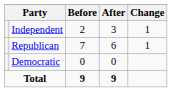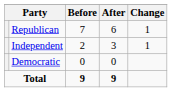 <table class="wikitable" style="text-align:center;">
 <tr>
 </tr>
 <tr>
 <th colspan=2>Party</th>
 <th>Before</th>
 <th>After</th>
 <th>Change</th>
 </tr>
 <tr>
 <th style="background-color:"></th>
-<td style="text-align:left;"><a href='#'>Independent</a></td>
-<td>2</td>
-<td>3</td>
+<td style="text-align:left;"><a href='#'>Republican</a></td>
+<td>7</td>
+<td>6</td>
 <td> 1</td>
 </tr>
 <tr>
 <th style="background-color:"></th>
-<td style="text-align:left;"><a href='#'>Republican</a></td>
-<td>7</td>
-<td>6</td>
+<td style="text-align:left;"><a href='#'>Independent</a></td>
+<td>2</td>
+<td>3</td>
 <td> 1</td>
 </tr>
 <tr>
 <th style="background-color:"></th>
 <td style="text-align:left;"><a href='#'>Democratic</a></td>
 <td>0</td>
 <td>0</td>
 <td></td>
 </tr>
 <tr>
 <td colspan=2><strong>Total</strong></td>
 <td><strong>9</strong></td>
 <td><strong>9</strong></td>
 <td></td>
 </tr>
 </table>
